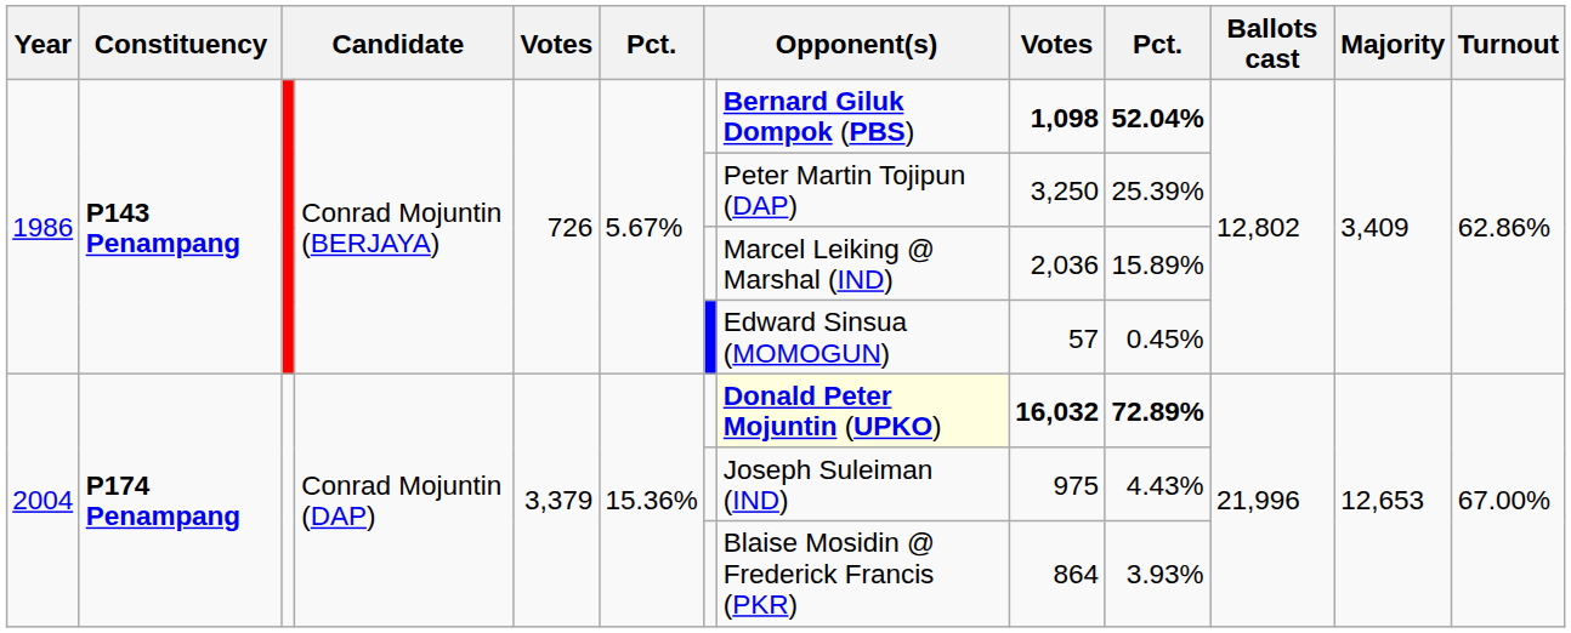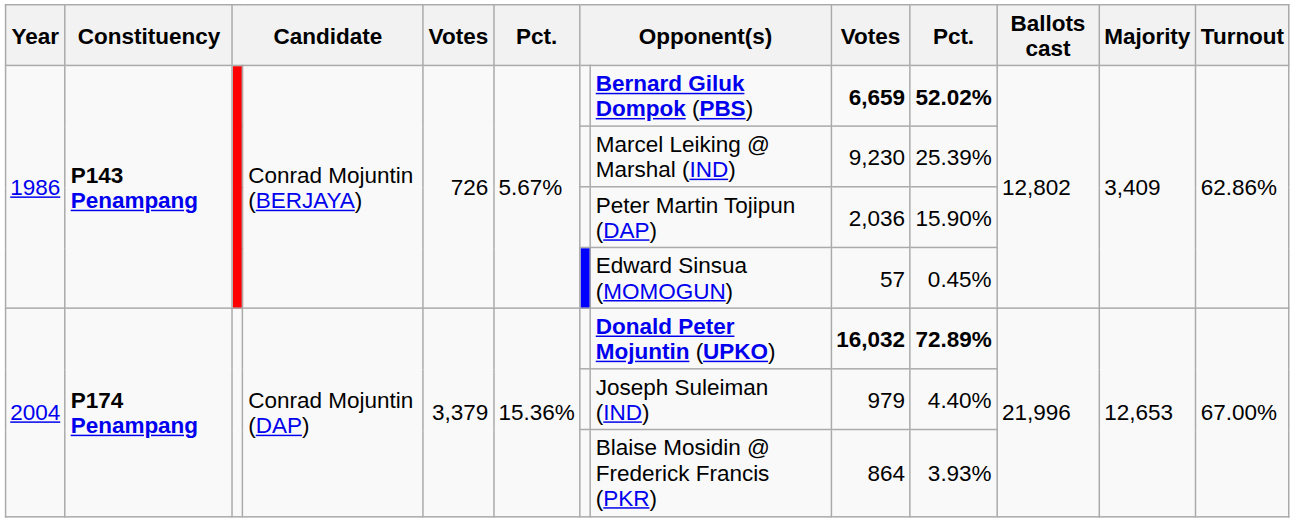 <table class="wikitable" style="margin:0.5em ; font-size:95%">
 <tr>
 <th>Year</th>
 <th>Constituency</th>
 <th colspan="2">Candidate</th>
 <th>Votes</th>
 <th>Pct.</th>
 <th colspan="2">Opponent(s)</th>
 <th>Votes</th>
 <th>Pct.</th>
 <th>Ballots cast</th>
 <th>Majority</th>
 <th>Turnout</th>
 </tr>
 <tr>
 <td rowspan="4"><a href='#'>1986</a></td>
 <td rowspan="4"><strong>P143 <a href='#'>Penampang</a></strong></td>
 <td rowspan="4" bgcolor= red></td>
 <td rowspan="4">Conrad Mojuntin (<a href='#'>BERJAYA</a>)</td>
 <td rowspan="4" align=right>726</td>
 <td rowspan="4">5.67%</td>
 <td></td>
 <td><strong><a href='#'>Bernard Giluk Dompok</a></strong> (<a href='#'><strong>PBS</strong></a>)</td>
-<td align=right><strong>1,098</strong></td>
-<td><strong>52.04%</strong></td>
+<td align=right><strong>6,659</strong></td>
+<td><strong>52.02%</strong></td>
 <td rowspan="4">12,802</td>
 <td rowspan="4">3,409</td>
 <td rowspan="4">62.86%</td>
 </tr>
 <tr>
 <td></td>
-<td>Peter Martin Tojipun (<a href='#'>DAP</a>)</td>
-<td align=right>3,250</td>
+<td>Marcel Leiking @ Marshal (<a href='#'>IND</a>)</td>
+<td align=right>9,230</td>
 <td>25.39%</td>
 </tr>
 <tr>
 <td></td>
-<td>Marcel Leiking @ Marshal (<a href='#'>IND</a>)</td>
+<td>Peter Martin Tojipun (<a href='#'>DAP</a>)</td>
 <td align=right>2,036</td>
-<td>15.89%</td>
+<td>15.90%</td>
 </tr>
 <tr>
 <td bgcolor= blue></td>
 <td>Edward Sinsua (<a href='#'>MOMOGUN</a>)</td>
 <td align=right>57</td>
 <td align=right>0.45%</td>
 </tr>
 <tr>
 <td rowspan="3"><a href='#'>2004</a></td>
 <td rowspan="3"><strong>P174 <a href='#'>Penampang</a></strong></td>
 <td rowspan="3" ></td>
 <td rowspan="3">Conrad Mojuntin (<a href='#'>DAP</a>)</td>
 <td rowspan="3" align=right>3,379</td>
 <td rowspan="3">15.36%</td>
 <td></td>
-<td style="background: lightyellow;"><strong><a href='#'>Donald Peter Mojuntin</a></strong> (<a href='#'><strong>UPKO</strong></a>)</td>
+<td><strong><a href='#'>Donald Peter Mojuntin</a></strong> (<a href='#'><strong>UPKO</strong></a>)</td>
 <td align=right><strong>16,032</strong></td>
 <td><strong>72.89%</strong></td>
 <td rowspan="3">21,996</td>
 <td rowspan="3">12,653</td>
 <td rowspan="3">67.00%</td>
 </tr>
 <tr>
 <td></td>
 <td>Joseph Suleiman (<a href='#'>IND</a>)</td>
-<td align=right>975</td>
-<td align=right>4.43%</td>
+<td align=right>979</td>
+<td align=right>4.40%</td>
 </tr>
 <tr>
 <td></td>
 <td>Blaise Mosidin @ Frederick Francis (<a href='#'>PKR</a>)</td>
 <td align=right>864</td>
 <td align=right>3.93%</td>
 </tr>
 </table>
